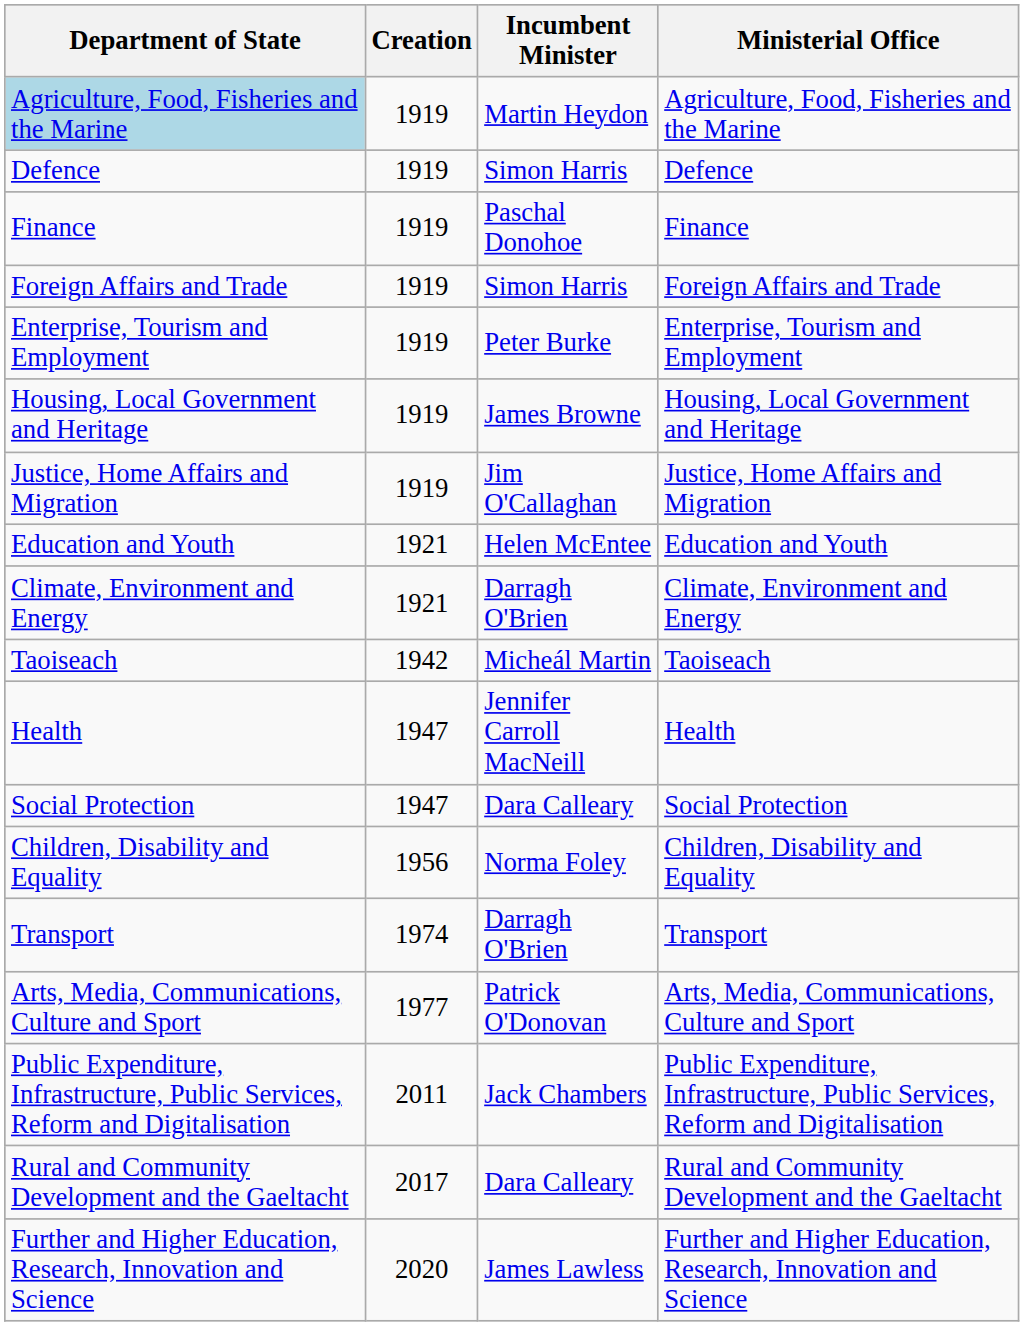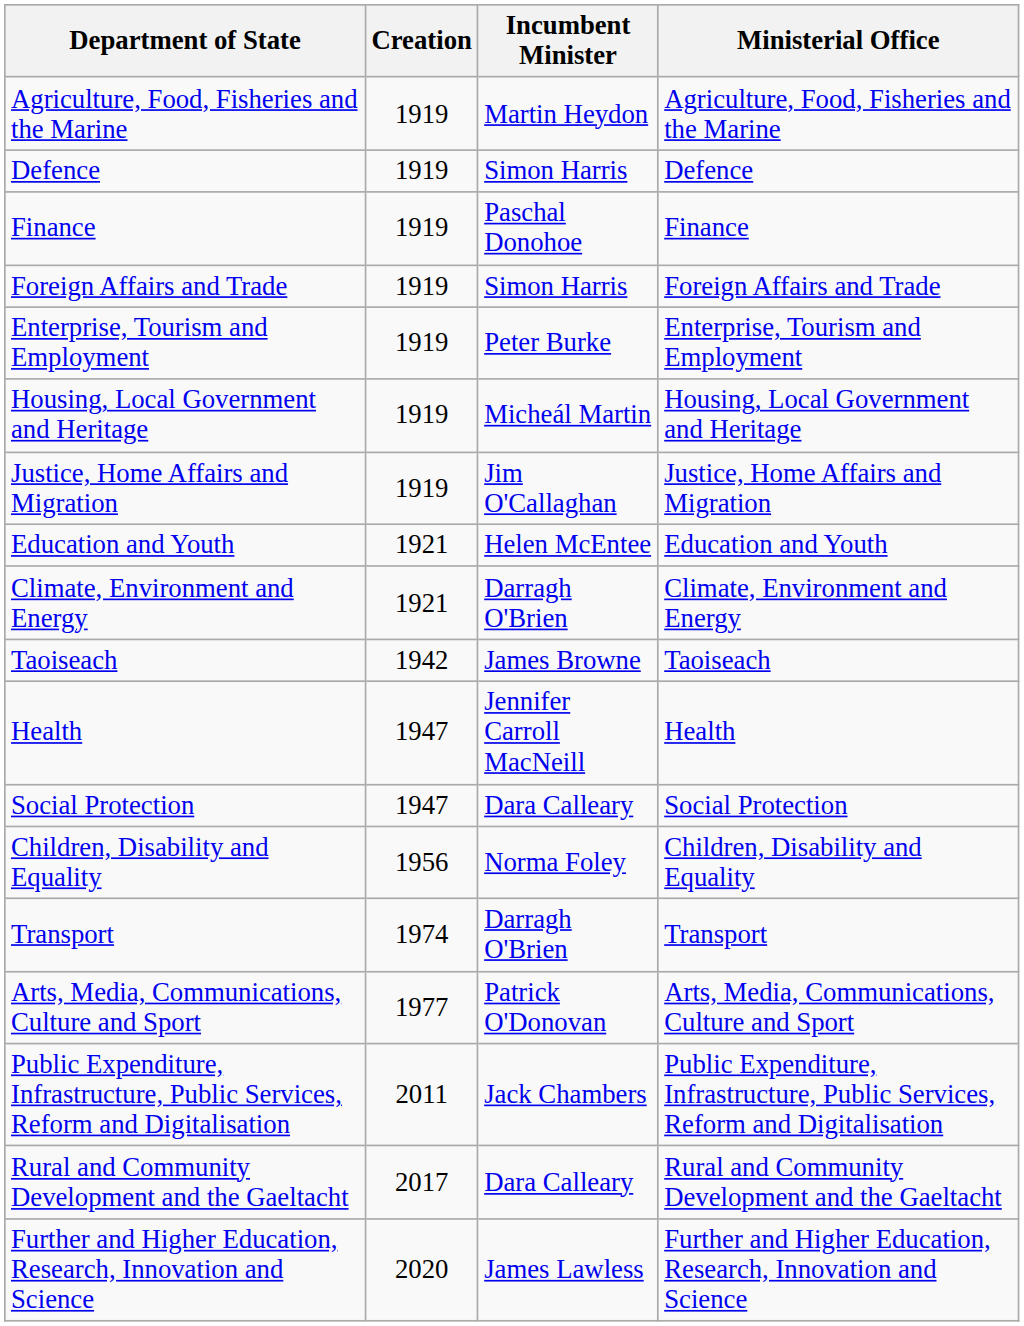 <table class="wikitable">
 <tr>
 <th>Department of State</th>
 <th>Creation</th>
 <th>Incumbent Minister</th>
 <th>Ministerial Office</th>
 </tr>
 <tr>
-<td style="background: lightblue;"><a href='#'>Agriculture, Food, Fisheries and the Marine</a></td>
+<td><a href='#'>Agriculture, Food, Fisheries and the Marine</a></td>
 <td align=center>1919</td>
 <td align=left><a href='#'>Martin Heydon</a></td>
 <td><a href='#'>Agriculture, Food, Fisheries and the Marine</a></td>
 </tr>
 <tr>
 <td><a href='#'>Defence</a></td>
 <td align=center>1919</td>
 <td align=left><a href='#'>Simon Harris</a></td>
 <td><a href='#'>Defence</a></td>
 </tr>
 <tr>
 <td><a href='#'>Finance</a></td>
 <td align=center>1919</td>
 <td align=left><a href='#'>Paschal Donohoe</a></td>
 <td><a href='#'>Finance</a></td>
 </tr>
 <tr>
 <td><a href='#'>Foreign Affairs and Trade</a></td>
 <td align=center>1919</td>
 <td align=left><a href='#'>Simon Harris</a></td>
 <td><a href='#'>Foreign Affairs and Trade</a></td>
 </tr>
 <tr>
 <td><a href='#'>Enterprise, Tourism and Employment</a></td>
 <td align=center>1919</td>
 <td align=left><a href='#'>Peter Burke</a></td>
 <td><a href='#'>Enterprise, Tourism and Employment</a></td>
 </tr>
 <tr>
 <td><a href='#'>Housing, Local Government and Heritage</a></td>
 <td align=center>1919</td>
-<td align=left><a href='#'>James Browne</a></td>
+<td align=left><a href='#'>Micheál Martin</a></td>
 <td><a href='#'>Housing, Local Government and Heritage</a></td>
 </tr>
 <tr>
 <td><a href='#'>Justice, Home Affairs and Migration</a></td>
 <td align=center>1919</td>
 <td align=left><a href='#'>Jim O'Callaghan</a></td>
 <td><a href='#'>Justice, Home Affairs and Migration</a></td>
 </tr>
 <tr>
 <td><a href='#'>Education and Youth</a></td>
 <td align=center>1921</td>
 <td align=left><a href='#'>Helen McEntee</a></td>
 <td><a href='#'>Education and Youth</a></td>
 </tr>
 <tr>
 <td><a href='#'>Climate, Environment and Energy</a></td>
 <td align=center>1921</td>
 <td align=left><a href='#'>Darragh O'Brien</a></td>
 <td><a href='#'>Climate, Environment and Energy</a></td>
 </tr>
 <tr>
 <td><a href='#'>Taoiseach</a></td>
 <td align=center>1942</td>
-<td align=left><a href='#'>Micheál Martin</a></td>
+<td align=left><a href='#'>James Browne</a></td>
 <td><a href='#'>Taoiseach</a></td>
 </tr>
 <tr>
 <td><a href='#'>Health</a></td>
 <td align=center>1947</td>
 <td align=left><a href='#'>Jennifer Carroll MacNeill</a></td>
 <td><a href='#'>Health</a></td>
 </tr>
 <tr>
 <td><a href='#'>Social Protection</a></td>
 <td align=center>1947</td>
 <td align=left><a href='#'>Dara Calleary</a></td>
 <td><a href='#'>Social Protection</a></td>
 </tr>
 <tr>
 <td><a href='#'>Children, Disability and Equality</a></td>
 <td align=center>1956</td>
 <td align=left><a href='#'>Norma Foley</a></td>
 <td><a href='#'>Children, Disability and Equality</a></td>
 </tr>
 <tr>
 <td><a href='#'>Transport</a></td>
 <td align=center>1974</td>
 <td align=left><a href='#'>Darragh O'Brien</a></td>
 <td><a href='#'>Transport</a></td>
 </tr>
 <tr>
 <td><a href='#'>Arts, Media, Communications, Culture and Sport</a></td>
 <td align=center>1977</td>
 <td align=left><a href='#'>Patrick O'Donovan</a></td>
 <td><a href='#'>Arts, Media, Communications, Culture and Sport</a></td>
 </tr>
 <tr>
 <td><a href='#'>Public Expenditure, Infrastructure, Public Services, Reform and Digitalisation</a></td>
 <td align=center>2011</td>
 <td align=left><a href='#'>Jack Chambers</a></td>
 <td><a href='#'>Public Expenditure, Infrastructure, Public Services, Reform and Digitalisation</a></td>
 </tr>
 <tr>
 <td><a href='#'>Rural and Community Development and the Gaeltacht</a></td>
 <td align=center>2017</td>
 <td align=left><a href='#'>Dara Calleary</a></td>
 <td><a href='#'>Rural and Community Development and the Gaeltacht</a></td>
 </tr>
 <tr>
 <td><a href='#'>Further and Higher Education, Research, Innovation and Science</a></td>
 <td align=center>2020</td>
 <td align=left><a href='#'>James Lawless</a></td>
 <td><a href='#'>Further and Higher Education, Research, Innovation and Science</a></td>
 </tr>
 </table>
